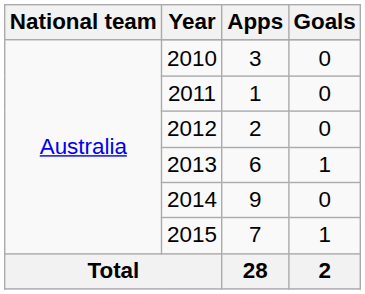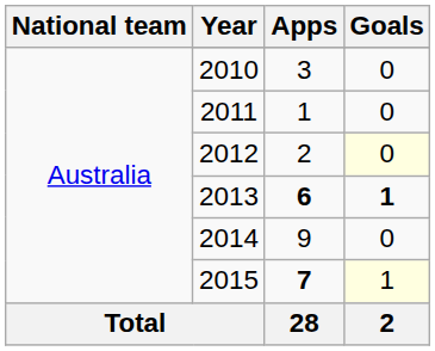 <table class="wikitable" style="text-align:center">
 <tr>
 <th>National team</th>
 <th>Year</th>
 <th>Apps</th>
 <th>Goals</th>
 </tr>
 <tr>
 <td rowspan=7><a href='#'>Australia</a></td>
 </tr>
 <tr>
 <td>2010</td>
 <td>3</td>
 <td>0</td>
 </tr>
 <tr>
 <td>2011</td>
 <td>1</td>
 <td>0</td>
 </tr>
 <tr>
 <td>2012</td>
 <td>2</td>
-<td>0</td>
+<td style="background: lightyellow;">0</td>
 </tr>
 <tr>
 <td>2013</td>
-<td>6</td>
-<td>1</td>
+<td><strong>6</strong></td>
+<td><strong>1</strong></td>
 </tr>
 <tr>
 <td>2014</td>
 <td>9</td>
 <td>0</td>
 </tr>
 <tr>
 <td>2015</td>
-<td>7</td>
-<td>1</td>
+<td><strong>7</strong></td>
+<td style="background: lightyellow;">1</td>
 </tr>
 <tr>
 <th colspan=2>Total</th>
 <th>28</th>
 <th>2</th>
 </tr>
 </table>
